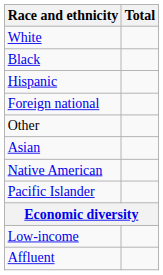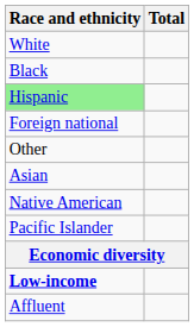 <table class="wikitable floatright sortable collapsible"; text-align:right; font-size:80%;">
 <tr>
 <th>Race and ethnicity</th>
 <th colspan="2" data-sort-type=number>Total</th>
 </tr>
 <tr>
 <td><a href='#'>White</a></td>
 <td align=right></td>
 </tr>
 <tr>
 <td><a href='#'>Black</a></td>
 <td align=right></td>
 </tr>
 <tr>
-<td><a href='#'>Hispanic</a></td>
+<td style="background: lightgreen;"><a href='#'>Hispanic</a></td>
 <td align=right></td>
 </tr>
 <tr>
 <td><a href='#'>Foreign national</a></td>
 <td align=right></td>
 </tr>
 <tr>
 <td>Other</td>
 <td align=right></td>
 </tr>
 <tr>
 <td><a href='#'>Asian</a></td>
 <td align=right></td>
 </tr>
 <tr>
 <td><a href='#'>Native American</a></td>
 <td align=right></td>
 </tr>
 <tr>
 <td><a href='#'>Pacific Islander</a></td>
 <td align=right></td>
 </tr>
 <tr>
 <th colspan="4" data-sort-type=number><a href='#'>Economic diversity</a></th>
 </tr>
 <tr>
-<td><a href='#'>Low-income</a></td>
+<td><strong><a href='#'>Low-income</a></strong></td>
 <td align=right></td>
 </tr>
 <tr>
 <td><a href='#'>Affluent</a></td>
 <td align=right></td>
 </tr>
 </table>
